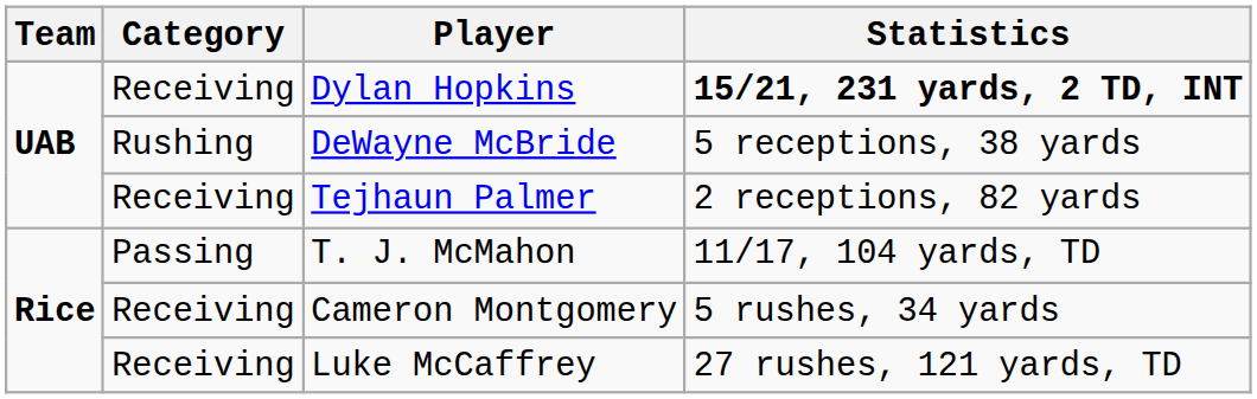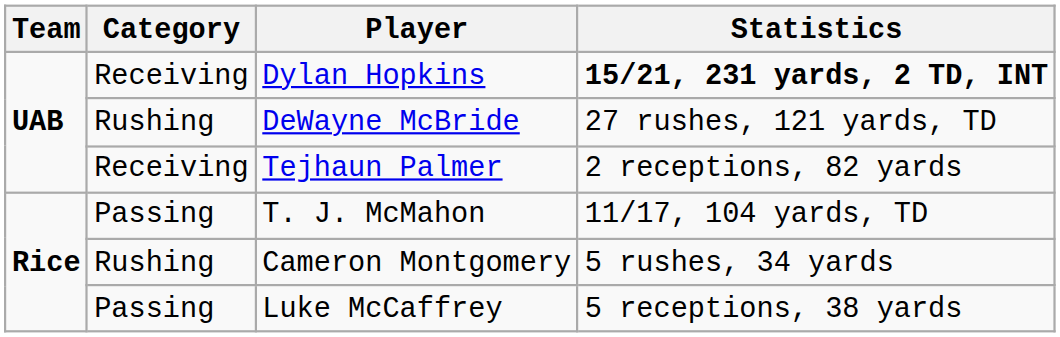 <table class="wikitable" style="float: left;">
 <tr>
 <th>Team</th>
 <th>Category</th>
 <th>Player</th>
 <th>Statistics</th>
 </tr>
 <tr>
 <td rowspan=3><strong>UAB</strong></td>
 <td>Receiving</td>
 <td><a href='#'>Dylan Hopkins</a></td>
 <td><strong>15/21, 231 yards, 2 TD, INT</strong></td>
 </tr>
 <tr>
 <td>Rushing</td>
 <td><a href='#'>DeWayne McBride</a></td>
-<td>5 receptions, 38 yards</td>
+<td>27 rushes, 121 yards, TD</td>
 </tr>
 <tr>
 <td>Receiving</td>
 <td><a href='#'>Tejhaun Palmer</a></td>
 <td>2 receptions, 82 yards</td>
 </tr>
 <tr>
 <td rowspan=3><strong>Rice</strong></td>
 <td>Passing</td>
 <td>T. J. McMahon</td>
 <td>11/17, 104 yards, TD</td>
 </tr>
 <tr>
-<td>Receiving</td>
+<td>Rushing</td>
 <td>Cameron Montgomery</td>
 <td>5 rushes, 34 yards</td>
 </tr>
 <tr>
-<td>Receiving</td>
+<td>Passing</td>
 <td>Luke McCaffrey</td>
-<td>27 rushes, 121 yards, TD</td>
+<td>5 receptions, 38 yards</td>
 </tr>
 </table>
